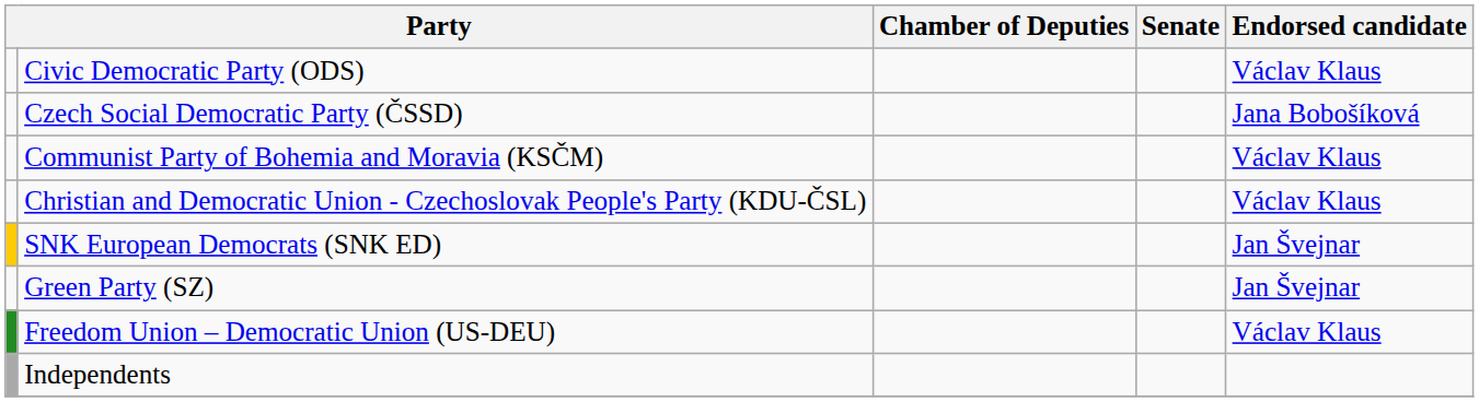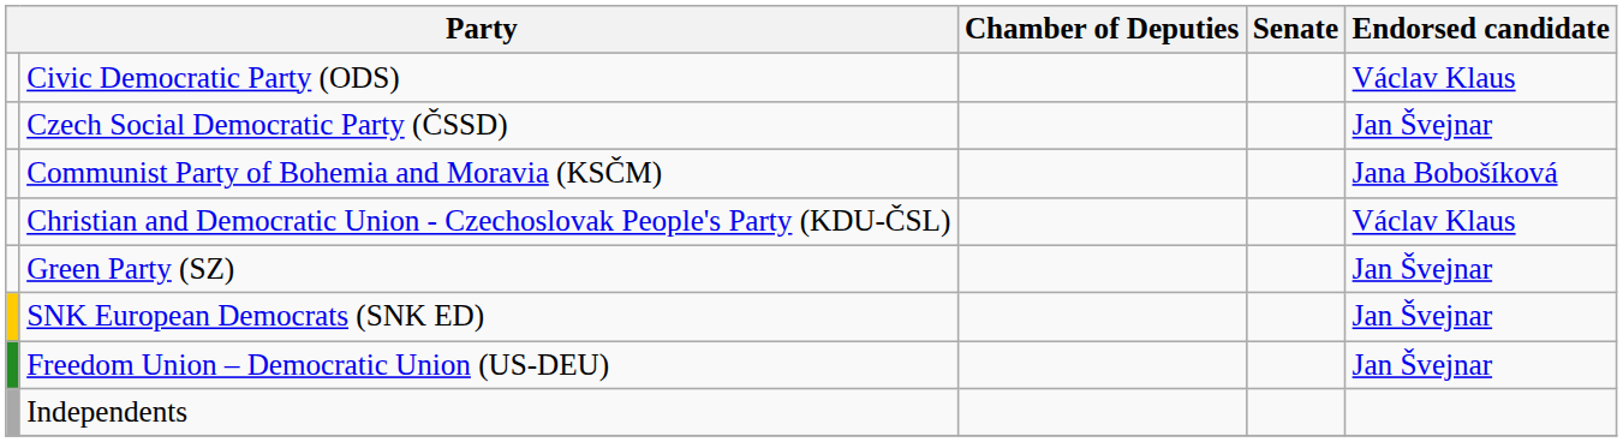 <table class=wikitable style=text-align:left>
 <tr>
 <th colspan=2>Party</th>
 <th>Chamber of Deputies</th>
 <th>Senate</th>
 <th>Endorsed candidate</th>
 </tr>
 <tr>
 <td></td>
 <td><a href='#'>Civic Democratic Party</a> (ODS)</td>
 <td></td>
 <td></td>
 <td><a href='#'>Václav Klaus</a></td>
 </tr>
 <tr>
 <td></td>
 <td><a href='#'>Czech Social Democratic Party</a> (ČSSD)</td>
 <td></td>
 <td></td>
-<td><a href='#'>Jana Bobošíková</a></td>
+<td><a href='#'>Jan Švejnar</a></td>
 </tr>
 <tr>
 <td></td>
 <td><a href='#'>Communist Party of Bohemia and Moravia</a> (KSČM)</td>
 <td></td>
 <td></td>
-<td><a href='#'>Václav Klaus</a></td>
+<td><a href='#'>Jana Bobošíková</a></td>
 </tr>
 <tr>
 <td></td>
 <td><a href='#'>Christian and Democratic Union - Czechoslovak People's Party</a> (KDU-ČSL)</td>
 <td></td>
 <td></td>
 <td><a href='#'>Václav Klaus</a></td>
 </tr>
 <tr>
-<td style="background:#FFCB03;"></td>
-<td><a href='#'>SNK European Democrats</a> (SNK ED)</td>
+<td></td>
+<td><a href='#'>Green Party</a> (SZ)</td>
 <td></td>
 <td></td>
 <td><a href='#'>Jan Švejnar</a></td>
 </tr>
 <tr>
-<td></td>
-<td><a href='#'>Green Party</a> (SZ)</td>
+<td style="background:#FFCB03;"></td>
+<td><a href='#'>SNK European Democrats</a> (SNK ED)</td>
 <td></td>
 <td></td>
 <td><a href='#'>Jan Švejnar</a></td>
 </tr>
 <tr>
 <td style="background:#228b22;"></td>
 <td><a href='#'>Freedom Union – Democratic Union</a> (US-DEU)</td>
 <td></td>
 <td></td>
-<td><a href='#'>Václav Klaus</a></td>
+<td><a href='#'>Jan Švejnar</a></td>
 </tr>
 <tr>
 <td style="background:#A9A9A9;"></td>
 <td>Independents</td>
 <td></td>
 <td></td>
 <td></td>
 </tr>
 <tr>
 </tr>
 </table>
